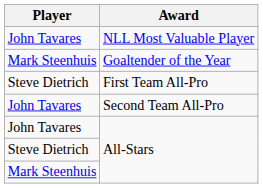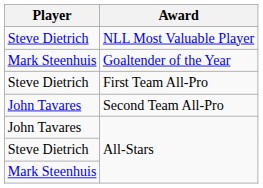 <table class="wikitable">
 <tr>
 <th>Player</th>
 <th>Award</th>
 </tr>
 <tr>
-<td><a href='#'>John Tavares</a></td>
+<td><a href='#'>Steve Dietrich</a></td>
 <td><a href='#'>NLL Most Valuable Player</a></td>
 </tr>
 <tr>
 <td><a href='#'>Mark Steenhuis</a></td>
 <td><a href='#'>Goaltender of the Year</a></td>
 </tr>
 <tr>
 <td>Steve Dietrich</td>
 <td>First Team All-Pro</td>
 </tr>
 <tr>
 <td><a href='#'>John Tavares</a></td>
 <td>Second Team All-Pro</td>
 </tr>
 <tr>
 <td>John Tavares</td>
 <td rowspan=3>All-Stars</td>
 </tr>
 <tr>
 <td>Steve Dietrich</td>
 </tr>
 <tr>
 <td><a href='#'>Mark Steenhuis</a></td>
 </tr>
 </table>
